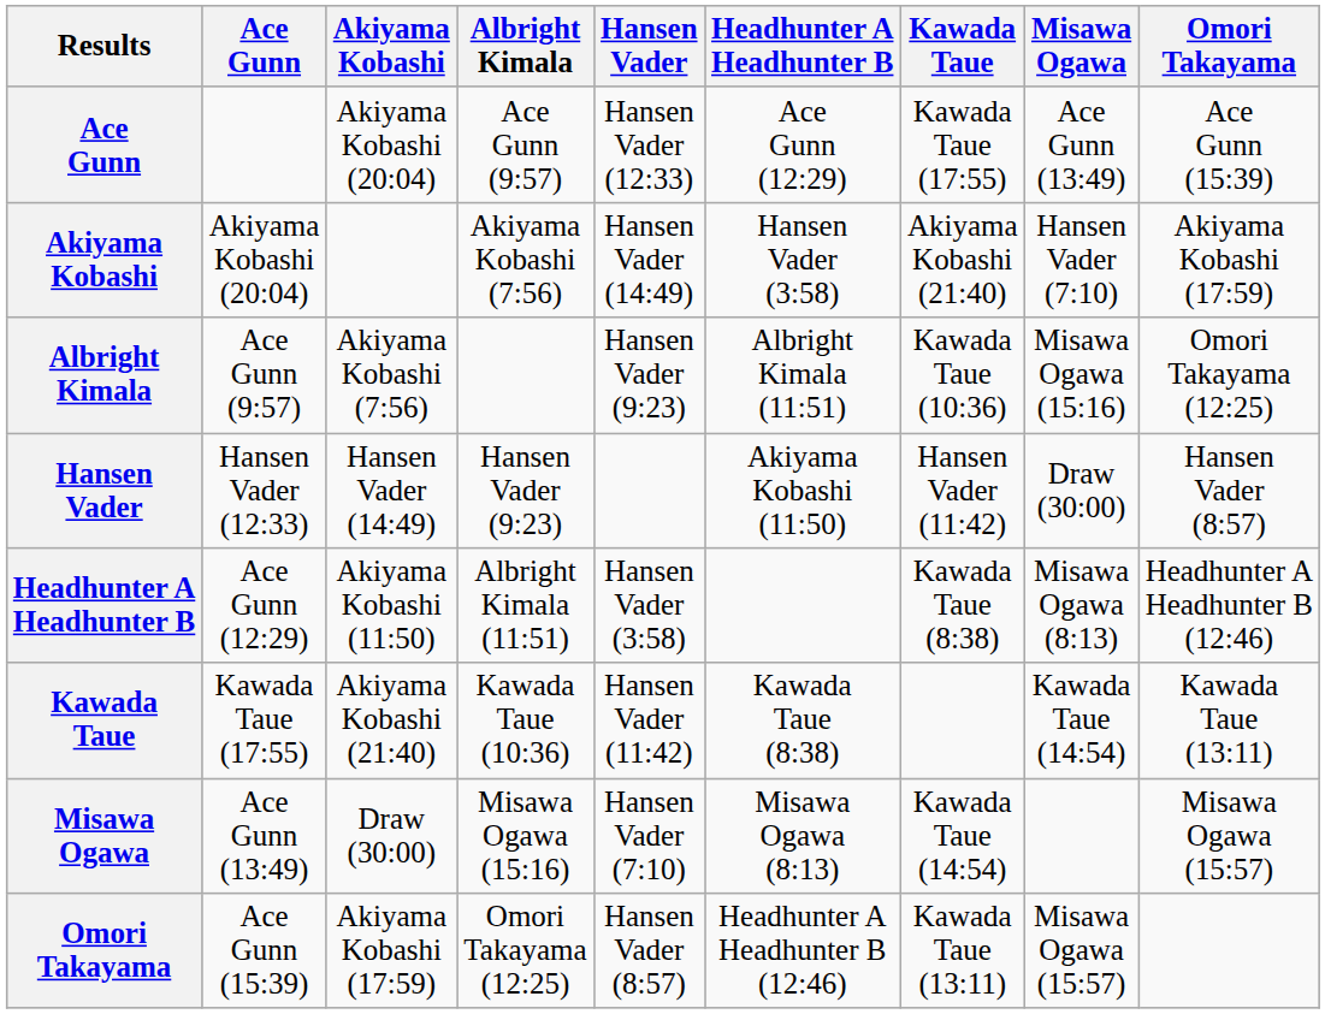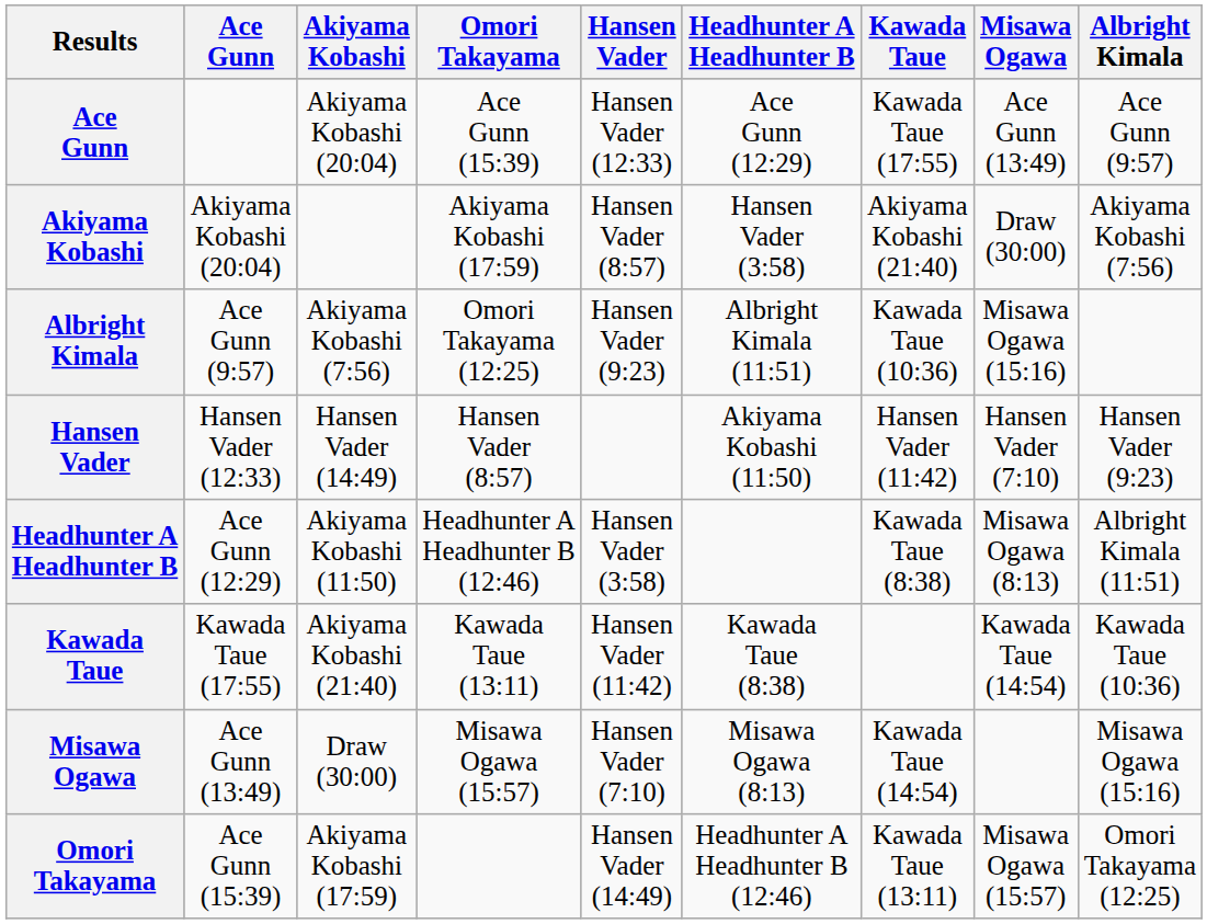 <table class="wikitable" style="text-align:center; margin: 1em auto 1em auto">
 <tr>
 <th>Results</th>
 <th><a href='#'>Ace</a><br><a href='#'>Gunn</a></th>
 <th><a href='#'>Akiyama</a><br><a href='#'>Kobashi</a></th>
-<th><a href='#'>Albright</a><br>Kimala</th>
+<th><a href='#'>Omori</a><br><a href='#'>Takayama</a></th>
 <th><a href='#'>Hansen</a><br><a href='#'>Vader</a></th>
 <th><a href='#'>Headhunter A</a><br><a href='#'>Headhunter B</a></th>
 <th><a href='#'>Kawada</a><br><a href='#'>Taue</a></th>
 <th><a href='#'>Misawa</a><br><a href='#'>Ogawa</a></th>
-<th><a href='#'>Omori</a><br><a href='#'>Takayama</a></th>
+<th><a href='#'>Albright</a><br>Kimala</th>
 </tr>
 <tr>
 <th><a href='#'>Ace</a><br><a href='#'>Gunn</a></th>
 <td></td>
 <td>Akiyama<br>Kobashi<br>(20:04)</td>
-<td>Ace<br>Gunn<br>(9:57)</td>
+<td>Ace<br>Gunn<br>(15:39)</td>
 <td>Hansen<br>Vader<br>(12:33)</td>
 <td>Ace<br>Gunn<br>(12:29)</td>
 <td>Kawada<br>Taue<br>(17:55)</td>
 <td>Ace<br>Gunn<br>(13:49)</td>
-<td>Ace<br>Gunn<br>(15:39)</td>
+<td>Ace<br>Gunn<br>(9:57)</td>
 </tr>
 <tr>
 <th><a href='#'>Akiyama</a><br><a href='#'>Kobashi</a></th>
 <td>Akiyama<br>Kobashi<br>(20:04)</td>
 <td></td>
-<td>Akiyama<br>Kobashi<br>(7:56)</td>
-<td>Hansen<br>Vader<br>(14:49)</td>
+<td>Akiyama<br>Kobashi<br>(17:59)</td>
+<td>Hansen<br>Vader<br>(8:57)</td>
 <td>Hansen<br>Vader<br>(3:58)</td>
 <td>Akiyama<br>Kobashi<br>(21:40)</td>
-<td>Hansen<br>Vader<br>(7:10)</td>
-<td>Akiyama<br>Kobashi<br>(17:59)</td>
+<td>Draw<br>(30:00)</td>
+<td>Akiyama<br>Kobashi<br>(7:56)</td>
 </tr>
 <tr>
 <th><a href='#'>Albright</a><br><a href='#'>Kimala</a></th>
 <td>Ace<br>Gunn<br>(9:57)</td>
 <td>Akiyama<br>Kobashi<br>(7:56)</td>
-<td></td>
+<td>Omori<br>Takayama<br>(12:25)</td>
 <td>Hansen<br>Vader<br>(9:23)</td>
 <td>Albright<br>Kimala<br>(11:51)</td>
 <td>Kawada<br>Taue<br>(10:36)</td>
 <td>Misawa<br>Ogawa<br>(15:16)</td>
-<td>Omori<br>Takayama<br>(12:25)</td>
+<td></td>
 </tr>
 <tr>
 <th><a href='#'>Hansen</a><br><a href='#'>Vader</a></th>
 <td>Hansen<br>Vader<br>(12:33)</td>
 <td>Hansen<br>Vader<br>(14:49)</td>
-<td>Hansen<br>Vader<br>(9:23)</td>
+<td>Hansen<br>Vader<br>(8:57)</td>
 <td></td>
 <td>Akiyama<br>Kobashi<br>(11:50)</td>
 <td>Hansen<br>Vader<br>(11:42)</td>
-<td>Draw<br>(30:00)</td>
-<td>Hansen<br>Vader<br>(8:57)</td>
+<td>Hansen<br>Vader<br>(7:10)</td>
+<td>Hansen<br>Vader<br>(9:23)</td>
 </tr>
 <tr>
 <th><a href='#'>Headhunter A</a><br><a href='#'>Headhunter B</a></th>
 <td>Ace<br>Gunn<br>(12:29)</td>
 <td>Akiyama<br>Kobashi<br>(11:50)</td>
-<td>Albright<br>Kimala<br>(11:51)</td>
+<td>Headhunter A<br>Headhunter B<br>(12:46)</td>
 <td>Hansen<br>Vader<br>(3:58)</td>
 <td></td>
 <td>Kawada<br>Taue<br>(8:38)</td>
 <td>Misawa<br>Ogawa<br>(8:13)</td>
-<td>Headhunter A<br>Headhunter B<br>(12:46)</td>
+<td>Albright<br>Kimala<br>(11:51)</td>
 </tr>
 <tr>
 <th><a href='#'>Kawada</a><br><a href='#'>Taue</a></th>
 <td>Kawada<br>Taue<br>(17:55)</td>
 <td>Akiyama<br>Kobashi<br>(21:40)</td>
-<td>Kawada<br>Taue<br>(10:36)</td>
+<td>Kawada<br>Taue<br>(13:11)</td>
 <td>Hansen<br>Vader<br>(11:42)</td>
 <td>Kawada<br>Taue<br>(8:38)</td>
 <td></td>
 <td>Kawada<br>Taue<br>(14:54)</td>
-<td>Kawada<br>Taue<br>(13:11)</td>
+<td>Kawada<br>Taue<br>(10:36)</td>
 </tr>
 <tr>
 <th><a href='#'>Misawa</a><br><a href='#'>Ogawa</a></th>
 <td>Ace<br>Gunn<br>(13:49)</td>
 <td>Draw<br>(30:00)</td>
-<td>Misawa<br>Ogawa<br>(15:16)</td>
+<td>Misawa<br>Ogawa<br>(15:57)</td>
 <td>Hansen<br>Vader<br>(7:10)</td>
 <td>Misawa<br>Ogawa<br>(8:13)</td>
 <td>Kawada<br>Taue<br>(14:54)</td>
 <td></td>
-<td>Misawa<br>Ogawa<br>(15:57)</td>
+<td>Misawa<br>Ogawa<br>(15:16)</td>
 </tr>
 <tr>
 <th><a href='#'>Omori</a><br><a href='#'>Takayama</a></th>
 <td>Ace<br>Gunn<br>(15:39)</td>
 <td>Akiyama<br>Kobashi<br>(17:59)</td>
-<td>Omori<br>Takayama<br>(12:25)</td>
-<td>Hansen<br>Vader<br>(8:57)</td>
+<td></td>
+<td>Hansen<br>Vader<br>(14:49)</td>
 <td>Headhunter A<br>Headhunter B<br>(12:46)</td>
 <td>Kawada<br>Taue<br>(13:11)</td>
 <td>Misawa<br>Ogawa<br>(15:57)</td>
-<td></td>
+<td>Omori<br>Takayama<br>(12:25)</td>
 </tr>
 </table>
